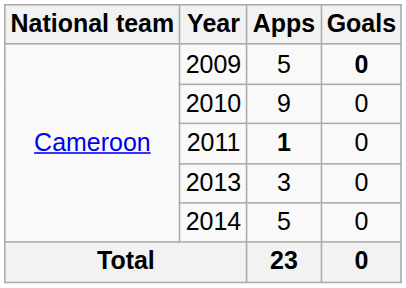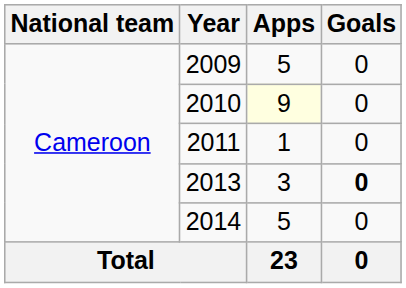 <table class=wikitable style="text-align: center;">
 <tr>
 <th>National team</th>
 <th>Year</th>
 <th>Apps</th>
 <th>Goals</th>
 </tr>
 <tr>
 <td rowspan="5"><a href='#'>Cameroon</a></td>
 <td>2009</td>
 <td>5</td>
-<td><strong>0</strong></td>
+<td>0</td>
 </tr>
 <tr>
 <td>2010</td>
-<td>9</td>
+<td style="background: lightyellow;">9</td>
 <td>0</td>
 </tr>
 <tr>
 <td>2011</td>
-<td><strong>1</strong></td>
+<td>1</td>
 <td>0</td>
 </tr>
 <tr>
 <td>2013</td>
 <td>3</td>
-<td>0</td>
+<td><strong>0</strong></td>
 </tr>
 <tr>
 <td>2014</td>
 <td>5</td>
 <td>0</td>
 </tr>
 <tr>
 <th colspan="2">Total</th>
 <th>23</th>
 <th>0</th>
 </tr>
 </table>
